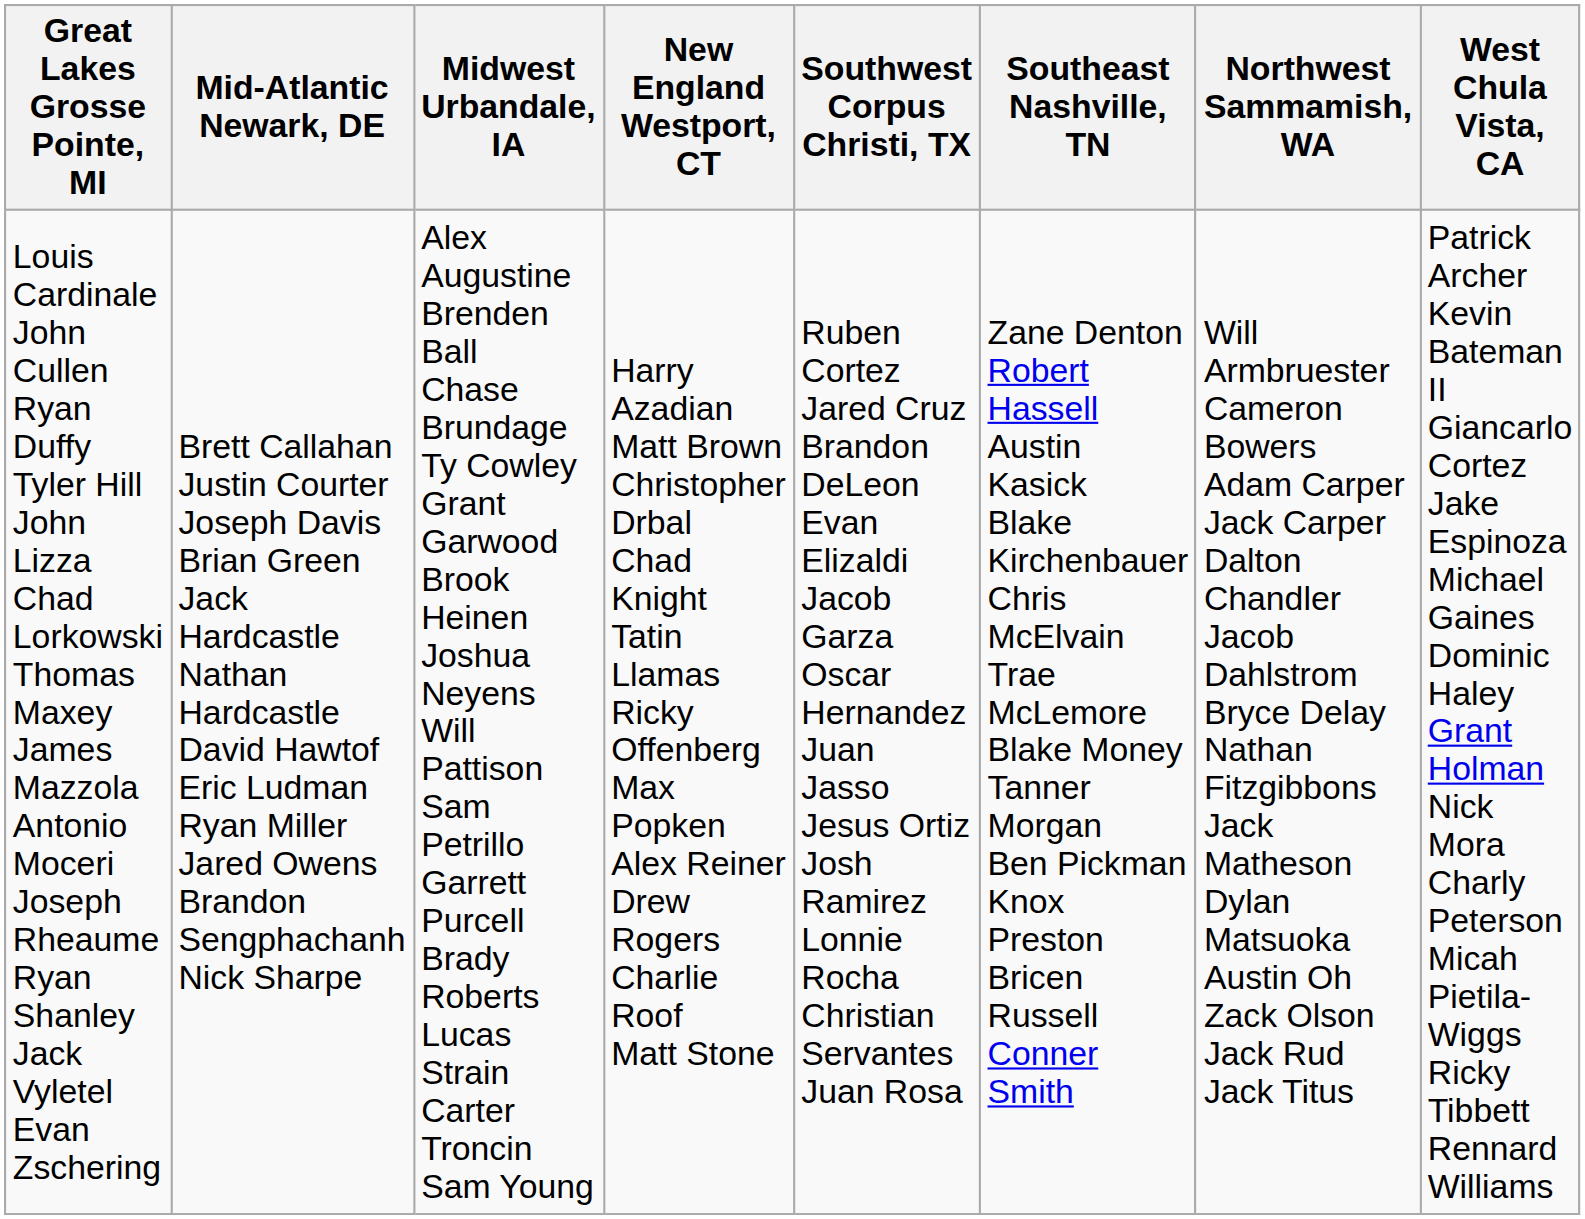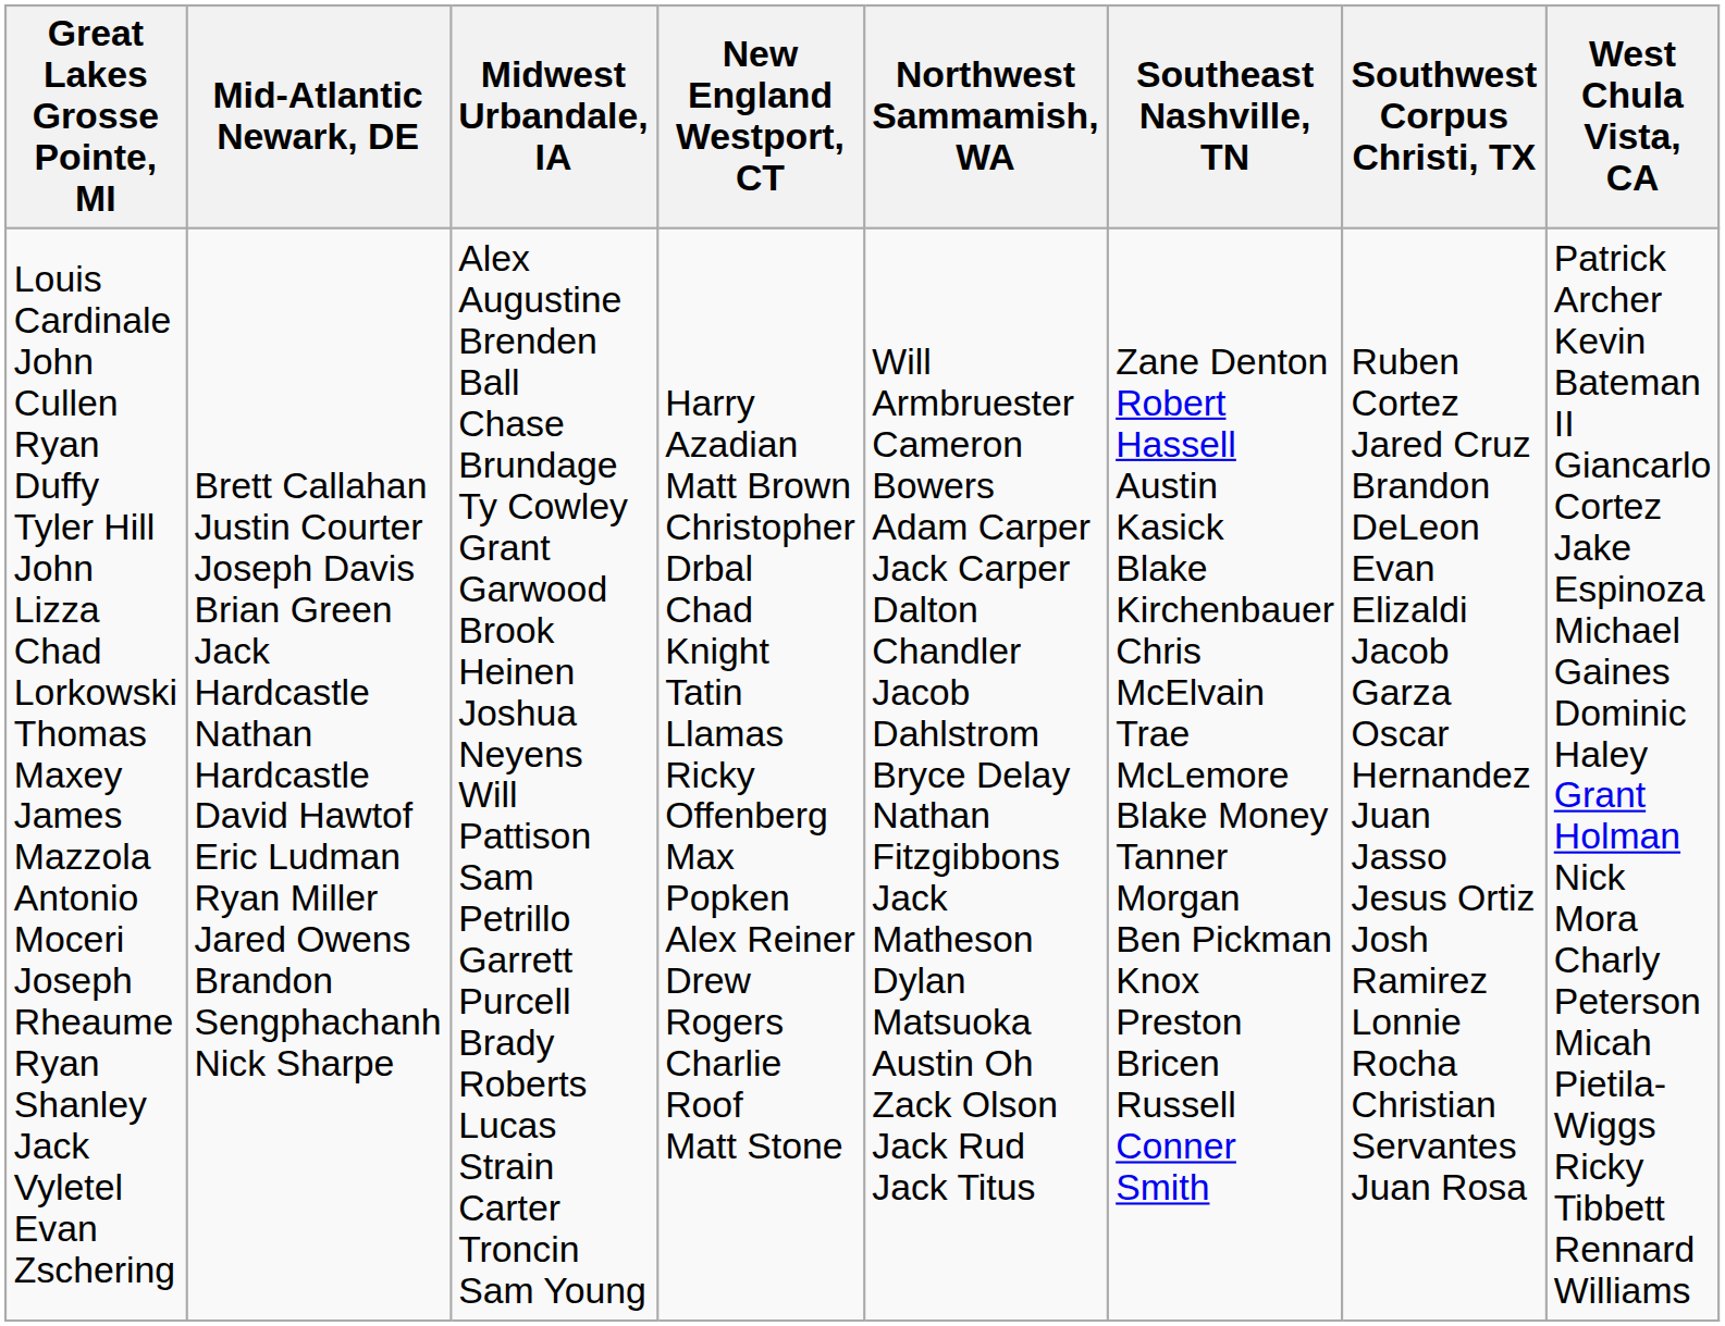 <table class="wikitable">
 <tr>
 <th>Great Lakes<br> Grosse Pointe, MI</th>
 <th>Mid-Atlantic<br> Newark, DE</th>
 <th>Midwest<br> Urbandale, IA</th>
 <th>New England<br> Westport, CT</th>
+<th>Northwest<br> Sammamish, WA</th>
+<th>Southeast<br> Nashville, TN</th>
 <th>Southwest<br> Corpus Christi, TX</th>
-<th>Southeast<br> Nashville, TN</th>
-<th>Northwest<br> Sammamish, WA</th>
 <th>West<br> Chula Vista, CA</th>
 </tr>
 <tr>
 <td>Louis Cardinale<br>John Cullen<br>Ryan Duffy<br>Tyler Hill<br>John Lizza<br>Chad Lorkowski<br>Thomas Maxey<br>James Mazzola<br>Antonio Moceri<br>Joseph Rheaume<br>Ryan Shanley<br>Jack Vyletel<br>Evan Zschering</td>
 <td>Brett Callahan<br>Justin Courter<br>Joseph Davis<br>Brian Green<br>Jack Hardcastle<br>Nathan Hardcastle<br>David Hawtof<br>Eric Ludman<br>Ryan Miller<br>Jared Owens<br>Brandon Sengphachanh<br>Nick Sharpe</td>
 <td>Alex Augustine<br>Brenden Ball<br>Chase Brundage<br>Ty Cowley<br>Grant Garwood<br>Brook Heinen<br>Joshua Neyens<br>Will Pattison<br>Sam Petrillo<br>Garrett Purcell<br>Brady Roberts<br>Lucas Strain<br>Carter Troncin<br>Sam Young</td>
 <td>Harry Azadian<br>Matt Brown<br>Christopher Drbal<br>Chad Knight<br>Tatin Llamas<br>Ricky Offenberg<br>Max Popken<br>Alex Reiner<br>Drew Rogers<br>Charlie Roof<br>Matt Stone</td>
+<td>Will Armbruester<br>Cameron Bowers<br>Adam Carper<br>Jack Carper<br>Dalton Chandler<br>Jacob Dahlstrom<br>Bryce Delay<br>Nathan Fitzgibbons<br>Jack Matheson<br>Dylan Matsuoka<br>Austin Oh<br>Zack Olson<br>Jack Rud<br>Jack Titus</td>
+<td>Zane Denton<br><a href='#'>Robert Hassell</a><br>Austin Kasick<br>Blake Kirchenbauer<br>Chris McElvain<br>Trae McLemore<br>Blake Money<br>Tanner Morgan<br>Ben Pickman<br>Knox Preston<br>Bricen Russell<br><a href='#'>Conner Smith</a></td>
 <td>Ruben Cortez<br>Jared Cruz<br>Brandon DeLeon<br>Evan Elizaldi<br>Jacob Garza<br>Oscar Hernandez<br>Juan Jasso<br>Jesus Ortiz<br>Josh Ramirez<br>Lonnie Rocha<br>Christian Servantes<br>Juan Rosa</td>
-<td>Zane Denton<br><a href='#'>Robert Hassell</a><br>Austin Kasick<br>Blake Kirchenbauer<br>Chris McElvain<br>Trae McLemore<br>Blake Money<br>Tanner Morgan<br>Ben Pickman<br>Knox Preston<br>Bricen Russell<br><a href='#'>Conner Smith</a></td>
-<td>Will Armbruester<br>Cameron Bowers<br>Adam Carper<br>Jack Carper<br>Dalton Chandler<br>Jacob Dahlstrom<br>Bryce Delay<br>Nathan Fitzgibbons<br>Jack Matheson<br>Dylan Matsuoka<br>Austin Oh<br>Zack Olson<br>Jack Rud<br>Jack Titus</td>
 <td>Patrick Archer<br>Kevin Bateman II<br>Giancarlo Cortez<br>Jake Espinoza<br>Michael Gaines<br>Dominic Haley<br><a href='#'>Grant Holman</a><br>Nick Mora<br>Charly Peterson<br>Micah Pietila-Wiggs<br>Ricky Tibbett<br>Rennard Williams</td>
 </tr>
 </table>
